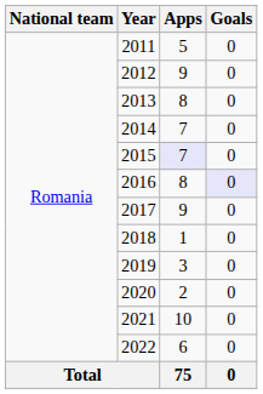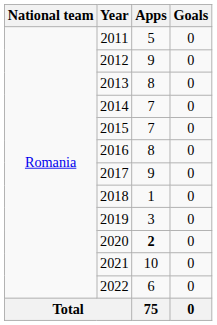 <table class="wikitable" style="text-align: center;">
 <tr>
 <th>National team</th>
 <th>Year</th>
 <th>Apps</th>
 <th>Goals</th>
 </tr>
 <tr>
 <td rowspan="12"><a href='#'>Romania</a></td>
 <td>2011</td>
 <td>5</td>
 <td>0</td>
 </tr>
 <tr>
 <td>2012</td>
 <td>9</td>
 <td>0</td>
 </tr>
 <tr>
 <td>2013</td>
 <td>8</td>
 <td>0</td>
 </tr>
 <tr>
 <td>2014</td>
 <td>7</td>
 <td>0</td>
 </tr>
 <tr>
 <td>2015</td>
-<td style="background: lavender;">7</td>
+<td>7</td>
 <td>0</td>
 </tr>
 <tr>
 <td>2016</td>
 <td>8</td>
-<td style="background: lavender;">0</td>
+<td>0</td>
 </tr>
 <tr>
 <td>2017</td>
 <td>9</td>
 <td>0</td>
 </tr>
 <tr>
 <td>2018</td>
 <td>1</td>
 <td>0</td>
 </tr>
 <tr>
 <td>2019</td>
 <td>3</td>
 <td>0</td>
 </tr>
 <tr>
 <td>2020</td>
-<td>2</td>
+<td><strong>2</strong></td>
 <td>0</td>
 </tr>
 <tr>
 <td>2021</td>
 <td>10</td>
 <td>0</td>
 </tr>
 <tr>
 <td>2022</td>
 <td>6</td>
 <td>0</td>
 </tr>
 <tr>
 <th colspan="2">Total</th>
 <th>75</th>
 <th>0</th>
 </tr>
 </table>
